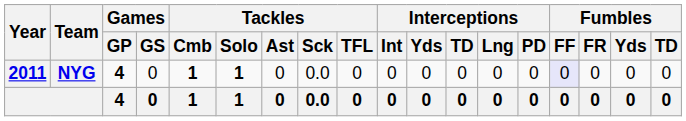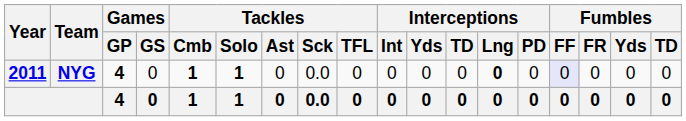 <table class="wikitable" style="text-align:center">
 <tr>
 <th rowspan="2">Year</th>
 <th rowspan="2">Team</th>
 <th colspan="2">Games</th>
 <th colspan="5">Tackles</th>
 <th colspan="5">Interceptions</th>
 <th colspan="4">Fumbles</th>
 </tr>
 <tr>
 <th>GP</th>
 <th>GS</th>
 <th>Cmb</th>
 <th>Solo</th>
 <th>Ast</th>
 <th>Sck</th>
 <th>TFL</th>
 <th>Int</th>
 <th>Yds</th>
 <th>TD</th>
 <th>Lng</th>
 <th>PD</th>
 <th>FF</th>
 <th>FR</th>
 <th>Yds</th>
 <th>TD</th>
 </tr>
 <tr>
 <th><a href='#'>2011</a></th>
 <th><a href='#'>NYG</a></th>
 <td><strong>4</strong></td>
 <td>0</td>
 <td><strong>1</strong></td>
 <td><strong>1</strong></td>
 <td>0</td>
 <td>0.0</td>
 <td>0</td>
 <td>0</td>
 <td>0</td>
 <td>0</td>
-<td>0</td>
+<td><strong>0</strong></td>
 <td>0</td>
 <td style="background: lavender;">0</td>
 <td>0</td>
 <td>0</td>
 <td>0</td>
 </tr>
 <tr>
 <th colspan="2"></th>
 <th>4</th>
 <th>0</th>
 <th>1</th>
 <th>1</th>
 <th>0</th>
 <th>0.0</th>
 <th>0</th>
 <th>0</th>
 <th>0</th>
 <th>0</th>
 <th>0</th>
 <th>0</th>
 <th>0</th>
 <th>0</th>
 <th>0</th>
 <th>0</th>
 </tr>
 </table>
